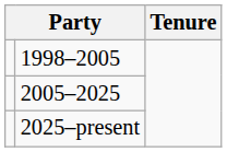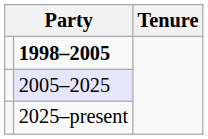 <table class="wikitable">
 <tr>
 <th colspan="2">Party</th>
 <th>Tenure</th>
 </tr>
 <tr>
 <td></td>
-<td>1998–2005</td>
+<td><strong>1998–2005</strong></td>
 </tr>
 <tr>
 <td></td>
-<td>2005–2025</td>
+<td style="background: lavender;">2005–2025</td>
 </tr>
 <tr>
 <td></td>
 <td>2025–present</td>
 </tr>
 </table>
